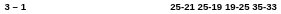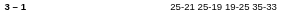 <table width=100% cellspacing=1>
 <tr>
 <th width=20%></th>
 <th width=12%></th>
 <th width=20%></th>
 <th width=33%></th>
 <td></td>
 </tr>
 <tr style=font-size:90%>
 <td align=right><strong></strong></td>
 <td align=center><strong>3 – 1</strong></td>
 <td></td>
-<td><strong>25-21 25-19 19-25 35-33</strong></td>
+<td>25-21 25-19 19-25 35-33</td>
 </tr>
 </table>
